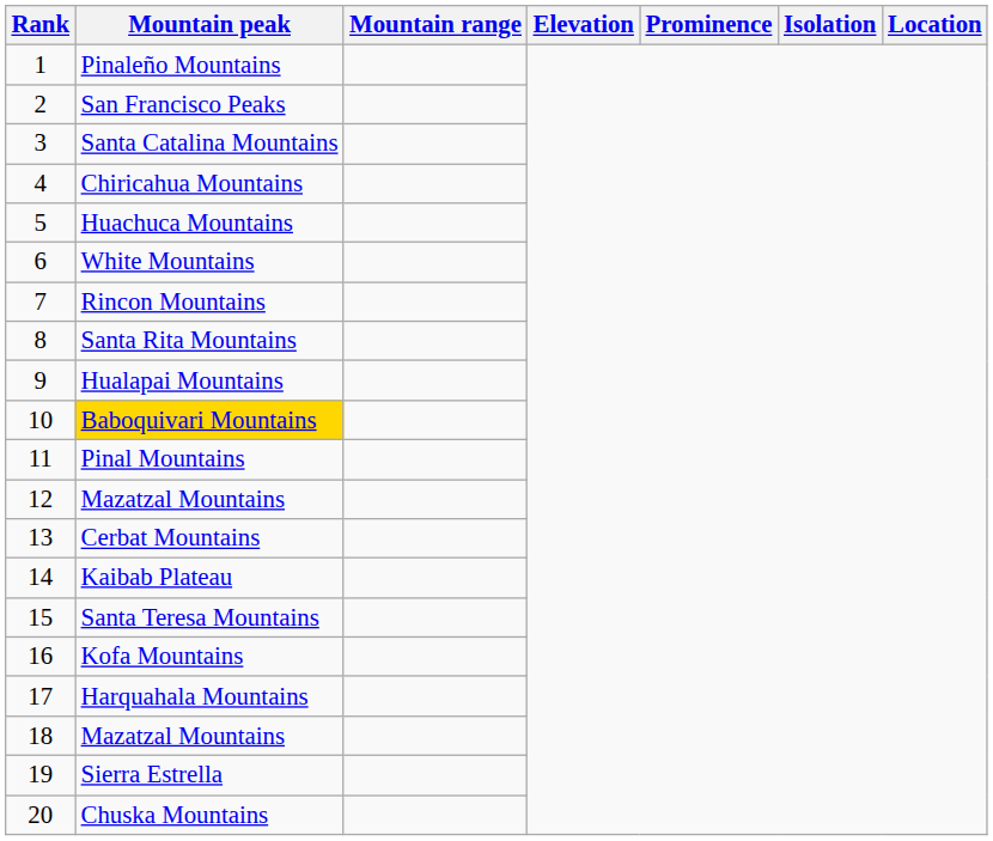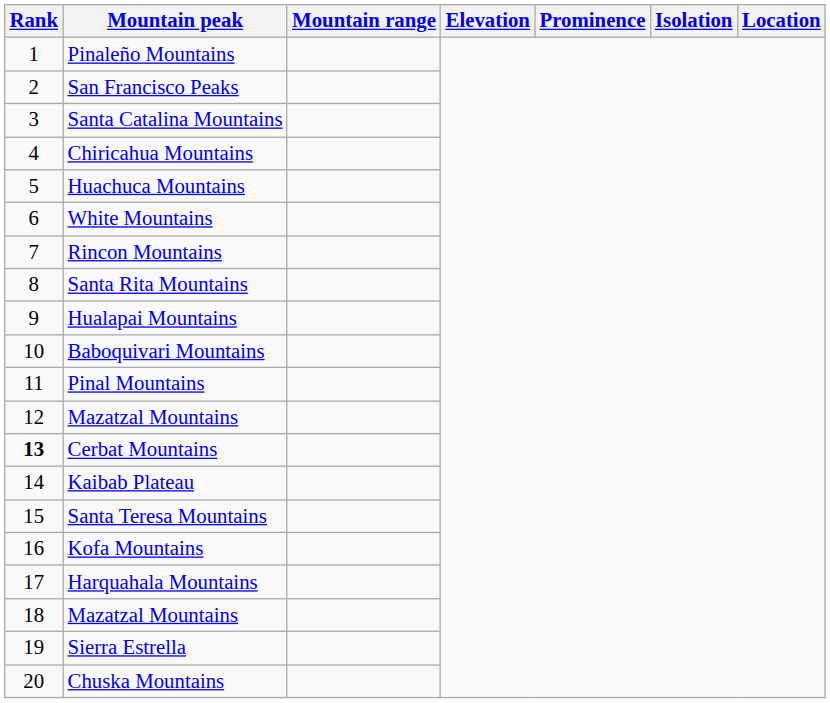 <table class="wikitable sortable">
 <tr>
 <th><a href='#'>Rank</a></th>
 <th><a href='#'>Mountain peak</a></th>
 <th><a href='#'>Mountain range</a></th>
 <th><a href='#'>Elevation</a></th>
 <th><a href='#'>Prominence</a></th>
 <th><a href='#'>Isolation</a></th>
 <th><a href='#'>Location</a></th>
 </tr>
 <tr>
 <td align=center>1<br></td>
 <td><a href='#'>Pinaleño Mountains</a><br></td>
 <td></td>
 </tr>
 <tr>
 <td align=center>2<br></td>
 <td><a href='#'>San Francisco Peaks</a><br></td>
 <td></td>
 </tr>
 <tr>
 <td align=center>3<br></td>
 <td><a href='#'>Santa Catalina Mountains</a><br></td>
 <td></td>
 </tr>
 <tr>
 <td align=center>4<br></td>
 <td><a href='#'>Chiricahua Mountains</a><br></td>
 <td></td>
 </tr>
 <tr>
 <td align=center>5<br></td>
 <td><a href='#'>Huachuca Mountains</a><br></td>
 <td></td>
 </tr>
 <tr>
 <td align=center>6<br></td>
 <td><a href='#'>White Mountains</a><br></td>
 <td></td>
 </tr>
 <tr>
 <td align=center>7<br></td>
 <td><a href='#'>Rincon Mountains</a><br></td>
 <td></td>
 </tr>
 <tr>
 <td align=center>8<br></td>
 <td><a href='#'>Santa Rita Mountains</a><br></td>
 <td></td>
 </tr>
 <tr>
 <td align=center>9<br></td>
 <td><a href='#'>Hualapai Mountains</a><br></td>
 <td></td>
 </tr>
 <tr>
 <td align=center>10<br></td>
-<td style="background: gold;"><a href='#'>Baboquivari Mountains</a><br></td>
+<td><a href='#'>Baboquivari Mountains</a><br></td>
 <td></td>
 </tr>
 <tr>
 <td align=center>11<br></td>
 <td><a href='#'>Pinal Mountains</a><br></td>
 <td></td>
 </tr>
 <tr>
 <td align=center>12<br></td>
 <td><a href='#'>Mazatzal Mountains</a><br></td>
 <td></td>
 </tr>
 <tr>
-<td align=center>13<br></td>
+<td align=center><strong>13<br></strong></td>
 <td><a href='#'>Cerbat Mountains</a><br></td>
 <td></td>
 </tr>
 <tr>
 <td align=center>14<br></td>
 <td><a href='#'>Kaibab Plateau</a><br></td>
 <td></td>
 </tr>
 <tr>
 <td align=center>15<br></td>
 <td><a href='#'>Santa Teresa Mountains</a><br></td>
 <td></td>
 </tr>
 <tr>
 <td align=center>16<br></td>
 <td><a href='#'>Kofa Mountains</a><br></td>
 <td></td>
 </tr>
 <tr>
 <td align=center>17<br></td>
 <td><a href='#'>Harquahala Mountains</a><br></td>
 <td></td>
 </tr>
 <tr>
 <td align=center>18<br></td>
 <td><a href='#'>Mazatzal Mountains</a><br></td>
 <td></td>
 </tr>
 <tr>
 <td align=center>19<br></td>
 <td><a href='#'>Sierra Estrella</a><br></td>
 <td></td>
 </tr>
 <tr>
 <td align=center>20<br></td>
 <td><a href='#'>Chuska Mountains</a><br></td>
 <td></td>
 </tr>
 </table>
